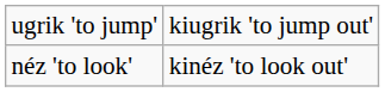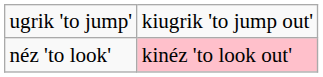 <table class="wikitable">
 <tr>
 <td>ugrik 'to jump'</td>
 <td>kiugrik 'to jump out'</td>
 </tr>
 <tr>
 <td>néz 'to look'</td>
-<td>kinéz 'to look out'</td>
+<td style="background: pink;">kinéz 'to look out'</td>
 </tr>
 </table>
